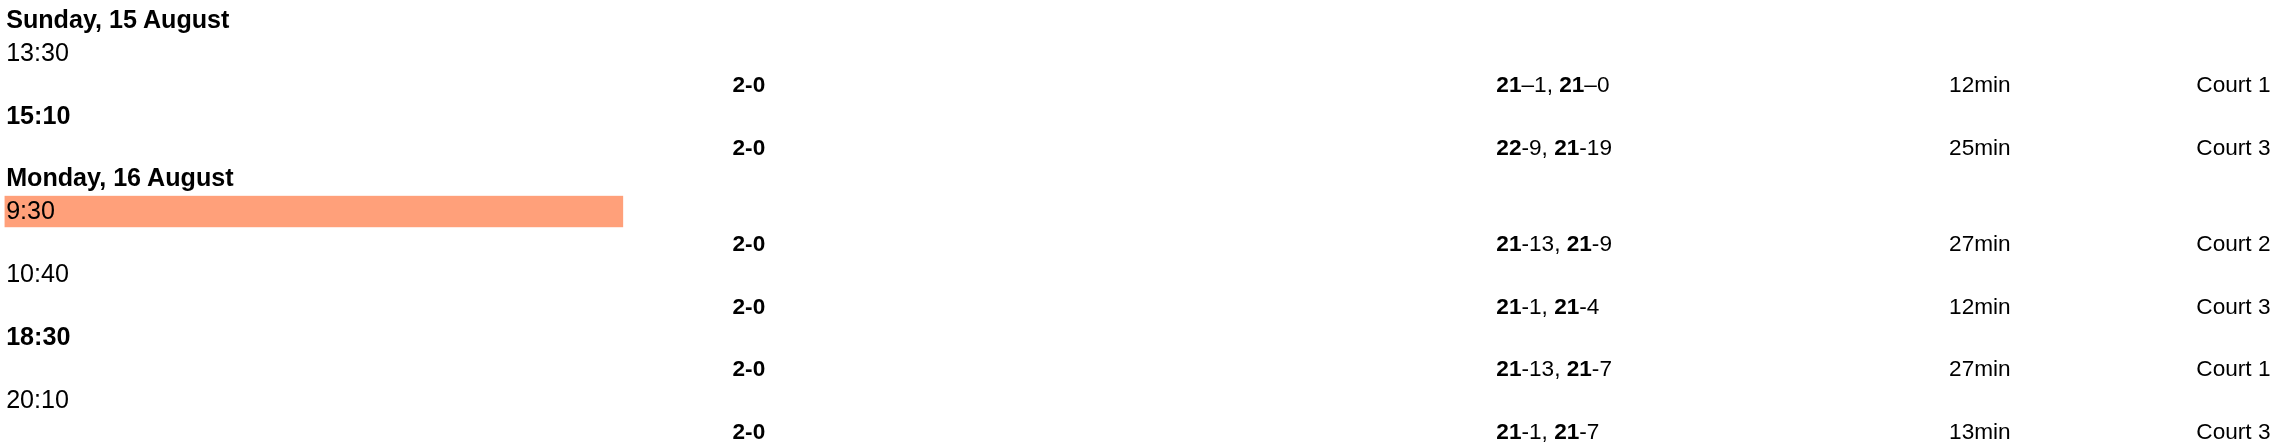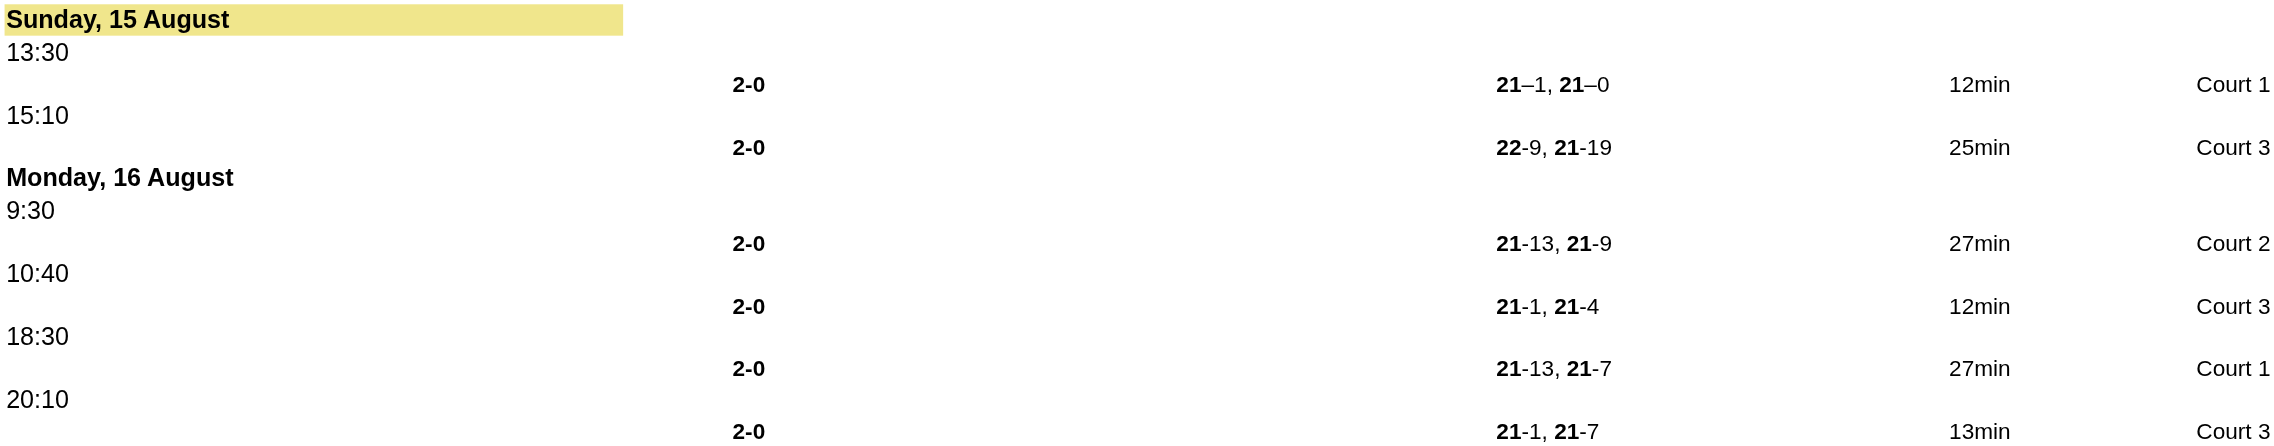 <table style="width:100%;" cellspacing="1">
 <tr>
 <th width=25%></th>
 <th width=10%></th>
 <th width=25%></th>
 </tr>
 <tr>
-<td><strong>Sunday, 15 August</strong></td>
+<td style="background: khaki;"><strong>Sunday, 15 August</strong></td>
 </tr>
 <tr>
 <td>13:30</td>
 </tr>
 <tr style=font-size:90%>
 <td align=right><strong></strong></td>
 <td align=center><strong> 2-0 </strong></td>
 <td></td>
 <td><strong>21</strong>–1, <strong>21</strong>–0</td>
 <td>12min</td>
 <td>Court 1</td>
 </tr>
 <tr>
-<td><strong>15:10</strong></td>
+<td>15:10</td>
 </tr>
 <tr style=font-size:90%>
 <td align=right><strong></strong></td>
 <td align=center><strong> 2-0</strong></td>
 <td></td>
 <td><strong>22</strong>-9, <strong>21</strong>-19</td>
 <td>25min</td>
 <td>Court 3</td>
 </tr>
 <tr>
 <td><strong>Monday, 16 August</strong></td>
 </tr>
 <tr>
-<td style="background: lightsalmon;">9:30</td>
+<td>9:30</td>
 </tr>
 <tr style=font-size:90%>
 <td align=right><strong></strong></td>
 <td align=center><strong> 2-0 </strong></td>
 <td></td>
 <td><strong>21</strong>-13, <strong>21</strong>-9</td>
 <td>27min</td>
 <td>Court 2</td>
 </tr>
 <tr>
 <td>10:40</td>
 </tr>
 <tr style=font-size:90%>
 <td align=right><strong></strong></td>
 <td align=center><strong> 2-0 </strong></td>
 <td></td>
 <td><strong>21</strong>-1, <strong>21</strong>-4</td>
 <td>12min</td>
 <td>Court 3</td>
 </tr>
 <tr>
-<td><strong>18:30</strong></td>
+<td>18:30</td>
 </tr>
 <tr style=font-size:90%>
 <td align=right><strong></strong></td>
 <td align=center><strong> 2-0 </strong></td>
 <td></td>
 <td><strong>21</strong>-13, <strong>21</strong>-7</td>
 <td>27min</td>
 <td>Court 1</td>
 </tr>
 <tr>
 <td>20:10</td>
 </tr>
 <tr style=font-size:90%>
 <td align=right><strong></strong></td>
 <td align=center><strong> 2-0 </strong></td>
 <td></td>
 <td><strong>21</strong>-1, <strong>21</strong>-7</td>
 <td>13min</td>
 <td>Court 3</td>
 </tr>
 </table>
